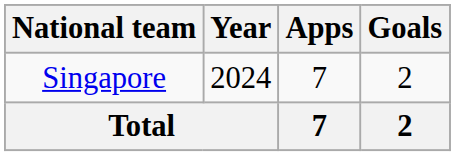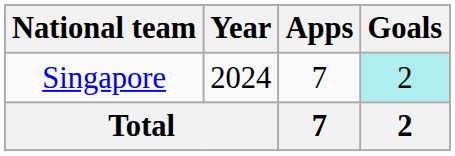 <table class="wikitable" style="text-align: center;">
 <tr>
 <th>National team</th>
 <th>Year</th>
 <th>Apps</th>
 <th>Goals</th>
 </tr>
 <tr>
 <td><a href='#'>Singapore</a></td>
 <td>2024</td>
 <td>7</td>
-<td>2</td>
+<td style="background: paleturquoise;">2</td>
 </tr>
 <tr>
 <th colspan=2>Total</th>
 <th>7</th>
 <th>2</th>
 </tr>
 </table>
